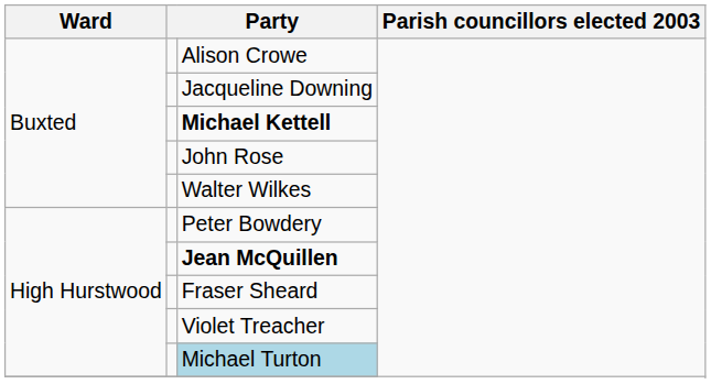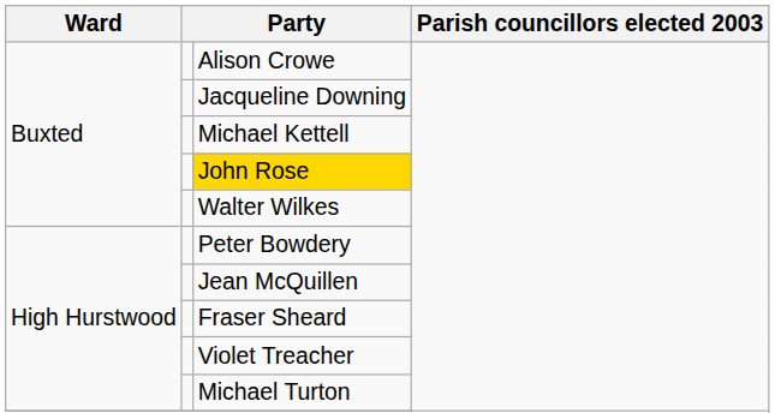 <table class="wikitable">
 <tr>
 <th>Ward</th>
 <th colspan=2>Party</th>
 <th>Parish councillors elected 2003</th>
 </tr>
 <tr>
 <td rowspan="5">Buxted</td>
 <td></td>
 <td>Alison  Crowe</td>
 </tr>
 <tr>
 <td></td>
 <td>Jacqueline Downing</td>
 </tr>
 <tr>
 <td></td>
-<td><strong>Michael Kettell</strong></td>
+<td>Michael Kettell</td>
 </tr>
 <tr>
 <td></td>
-<td>John Rose</td>
+<td style="background: gold;">John Rose</td>
 </tr>
 <tr>
 <td></td>
 <td>Walter Wilkes</td>
 </tr>
 <tr>
 <td rowspan="5">High Hurstwood</td>
 <td></td>
 <td>Peter Bowdery</td>
 </tr>
 <tr>
 <td></td>
-<td><strong>Jean McQuillen</strong></td>
+<td>Jean McQuillen</td>
 </tr>
 <tr>
 <td></td>
 <td>Fraser Sheard</td>
 </tr>
 <tr>
 <td></td>
 <td>Violet Treacher</td>
 </tr>
 <tr>
 <td></td>
-<td style="background: lightblue;">Michael Turton</td>
+<td>Michael Turton</td>
 </tr>
 <tr>
 </tr>
 </table>
